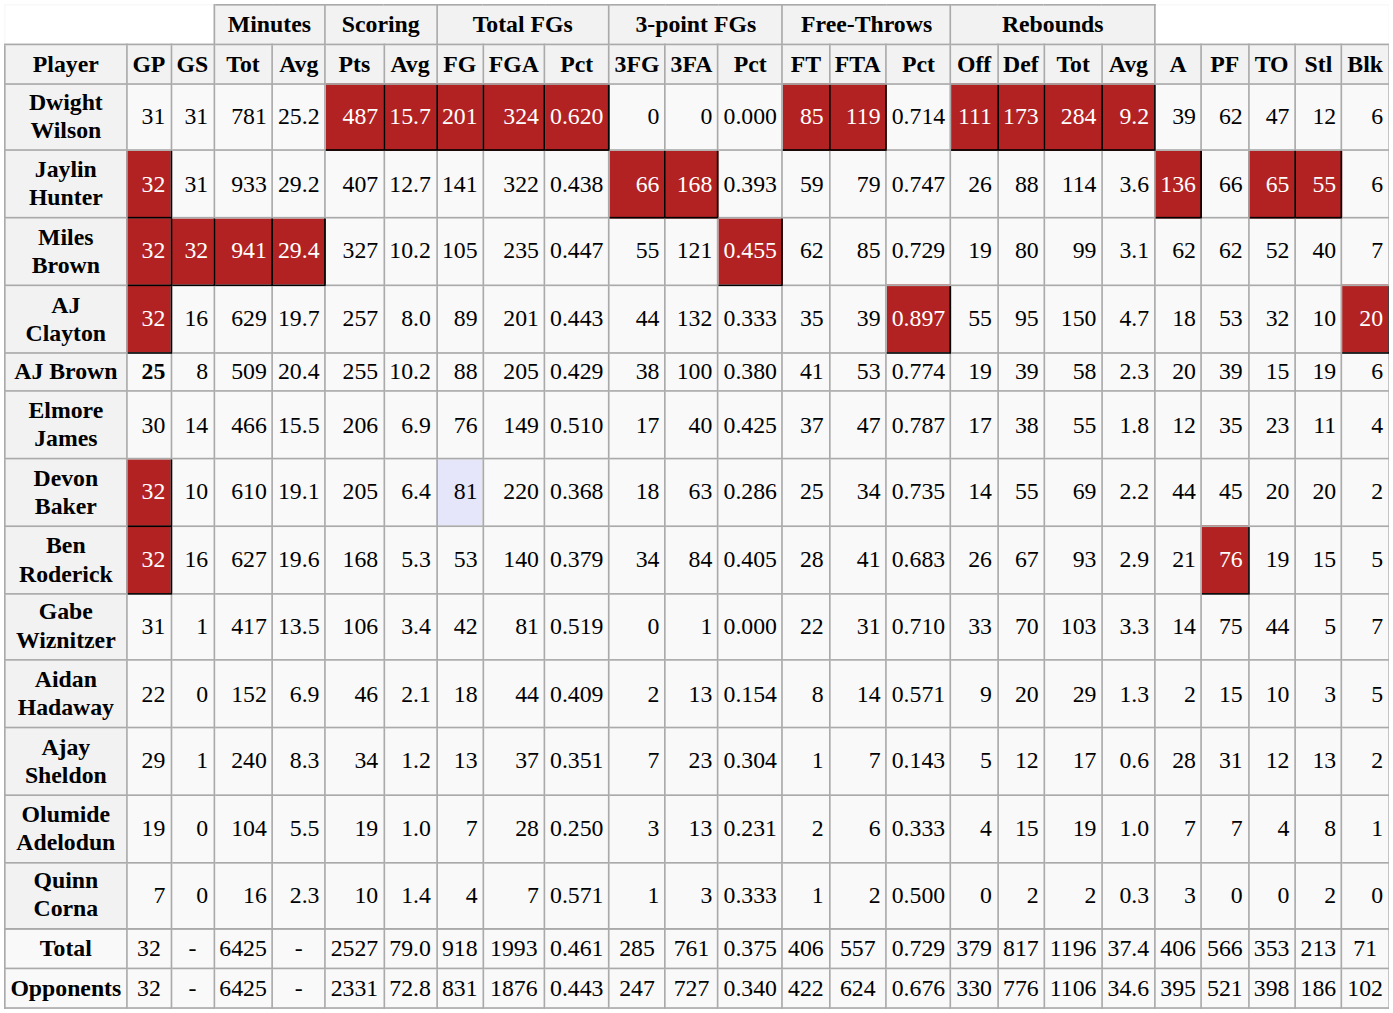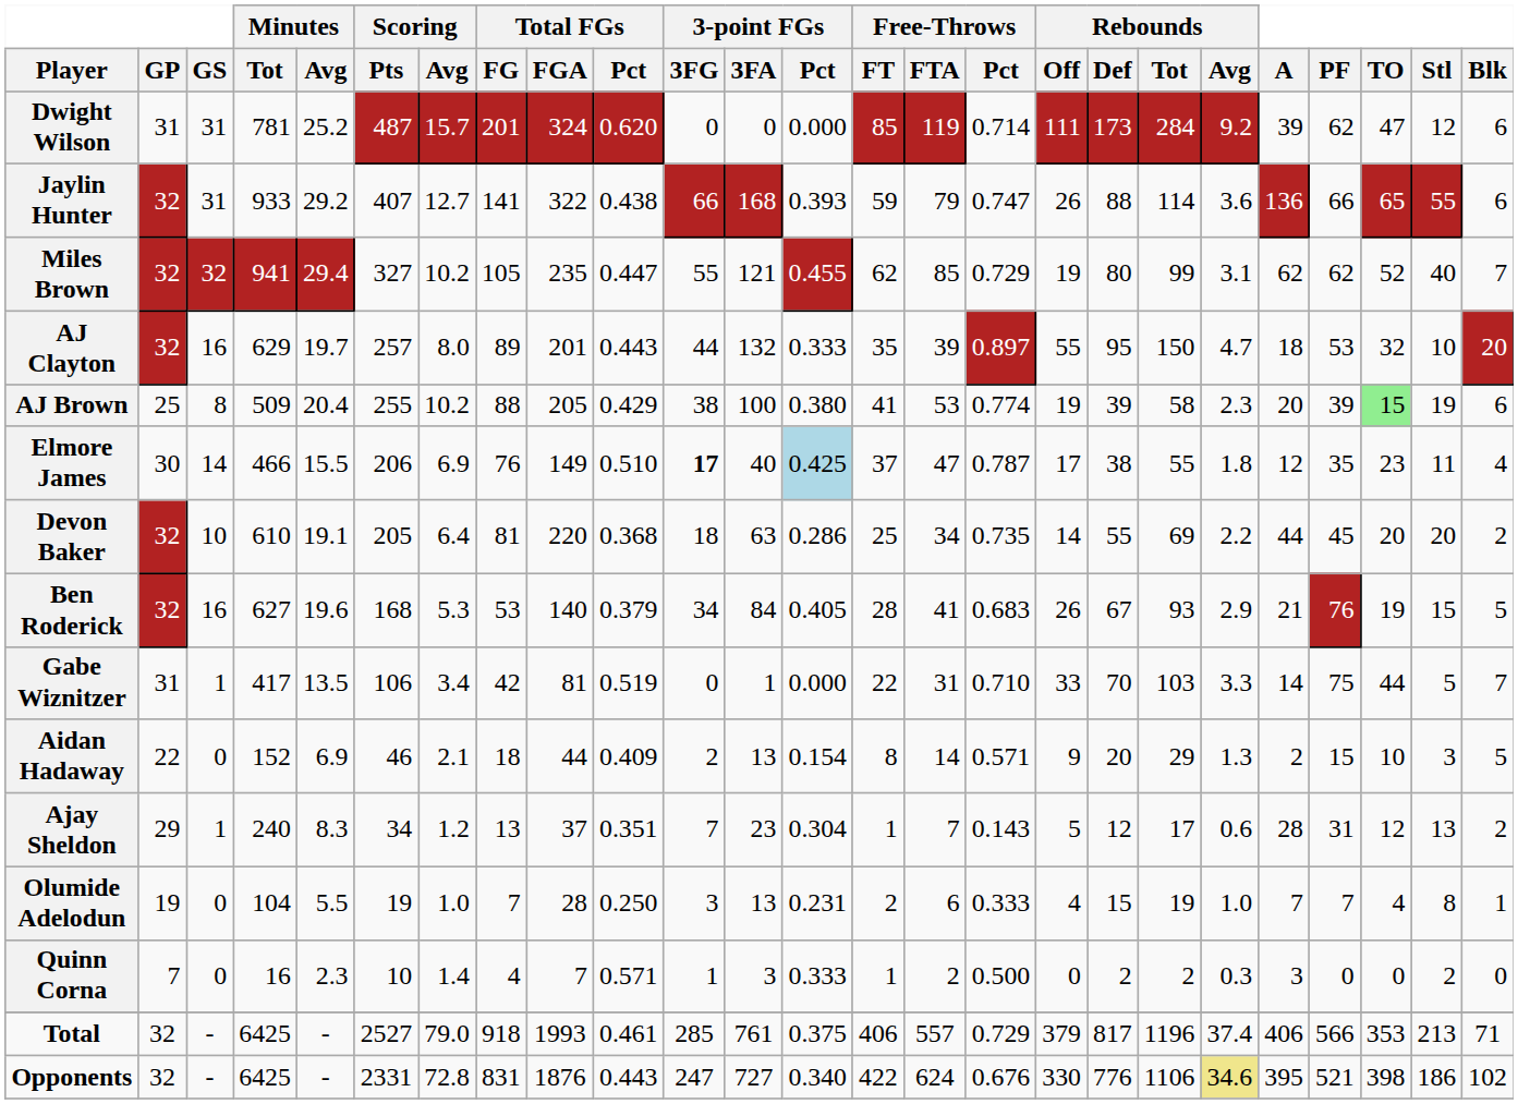 <table class="wikitable sortable" border="1" style="font-size:90%;">
 <tr>
 <th colspan="3" style="border-top-style:hidden; border-left-style:hidden; background: white;"></th>
 <th colspan="2" style=>Minutes</th>
 <th colspan="2" style=>Scoring</th>
 <th colspan="3" style=>Total FGs</th>
 <th colspan="3" style=>3-point FGs</th>
 <th colspan="3" style=>Free-Throws</th>
 <th colspan="4" style=>Rebounds</th>
 <th colspan="5" style="border-top-style:hidden; border-right-style:hidden; background: white;"></th>
 </tr>
 <tr>
 <th scope="col" style=>Player</th>
 <th scope="col" style=>GP</th>
 <th scope="col" style=>GS</th>
 <th scope="col" style=>Tot</th>
 <th scope="col" style=>Avg</th>
 <th scope="col" style=>Pts</th>
 <th scope="col" style=>Avg</th>
 <th scope="col" style=>FG</th>
 <th scope="col" style=>FGA</th>
 <th scope="col" style=>Pct</th>
 <th scope="col" style=>3FG</th>
 <th scope="col" style=>3FA</th>
 <th scope="col" style=>Pct</th>
 <th scope="col" style=>FT</th>
 <th scope="col" style=>FTA</th>
 <th scope="col" style=>Pct</th>
 <th scope="col" style=>Off</th>
 <th scope="col" style=>Def</th>
 <th scope="col" style=>Tot</th>
 <th scope="col" style=>Avg</th>
 <th scope="col" style=>A</th>
 <th scope="col" style=>PF</th>
 <th scope="col" style=>TO</th>
 <th scope="col" style=>Stl</th>
 <th scope="col" style=>Blk</th>
 </tr>
 <tr>
 <th>Dwight Wilson</th>
 <td align="right">31</td>
 <td align="right">31</td>
 <td align="right">781</td>
 <td align="right">25.2</td>
 <td align="right" style="background:#B22222; color:#ffffff; border: 1px solid black">487</td>
 <td align="right" style="background:#B22222; color:#ffffff; border: 1px solid black">15.7</td>
 <td align="right" style="background:#B22222; color:#ffffff; border: 1px solid black">201</td>
 <td align="right" style="background:#B22222; color:#ffffff; border: 1px solid black">324</td>
 <td align="right" style="background:#B22222; color:#ffffff; border: 1px solid black">0.620</td>
 <td align="right">0</td>
 <td align="right">0</td>
 <td align="right">0.000</td>
 <td align="right" style="background:#B22222; color:#ffffff; border: 1px solid black">85</td>
 <td align="right" style="background:#B22222; color:#ffffff; border: 1px solid black">119</td>
 <td align="right">0.714</td>
 <td align="right" style="background:#B22222; color:#ffffff; border: 1px solid black">111</td>
 <td align="right" style="background:#B22222; color:#ffffff; border: 1px solid black">173</td>
 <td align="right" style="background:#B22222; color:#ffffff; border: 1px solid black">284</td>
 <td align="right" style="background:#B22222; color:#ffffff; border: 1px solid black">9.2</td>
 <td align="right">39</td>
 <td align="right">62</td>
 <td align="right">47</td>
 <td align="right">12</td>
 <td align="right">6</td>
 </tr>
 <tr>
 <th>Jaylin Hunter</th>
 <td align="right" style="background:#B22222; color:#ffffff; border: 1px solid black">32</td>
 <td align="right">31</td>
 <td align="right">933</td>
 <td align="right">29.2</td>
 <td align="right">407</td>
 <td align="right">12.7</td>
 <td align="right">141</td>
 <td align="right">322</td>
 <td align="right">0.438</td>
 <td align="right" style="background:#B22222; color:#ffffff; border: 1px solid black">66</td>
 <td align="right" style="background:#B22222; color:#ffffff; border: 1px solid black">168</td>
 <td align="right">0.393</td>
 <td align="right">59</td>
 <td align="right">79</td>
 <td align="right">0.747</td>
 <td align="right">26</td>
 <td align="right">88</td>
 <td align="right">114</td>
 <td align="right">3.6</td>
 <td align="right" style="background:#B22222; color:#ffffff; border: 1px solid black">136</td>
 <td align="right">66</td>
 <td align="right" style="background:#B22222; color:#ffffff; border: 1px solid black">65</td>
 <td align="right" style="background:#B22222; color:#ffffff; border: 1px solid black">55</td>
 <td align="right">6</td>
 </tr>
 <tr>
 <th>Miles Brown</th>
 <td align="right" style="background:#B22222; color:#ffffff; border: 1px solid black">32</td>
 <td align="right" style="background:#B22222; color:#ffffff; border: 1px solid black">32</td>
 <td align="right" style="background:#B22222; color:#ffffff; border: 1px solid black">941</td>
 <td align="right" style="background:#B22222; color:#ffffff; border: 1px solid black">29.4</td>
 <td align="right">327</td>
 <td align="right">10.2</td>
 <td align="right">105</td>
 <td align="right">235</td>
 <td align="right">0.447</td>
 <td align="right">55</td>
 <td align="right">121</td>
 <td align="right" style="background:#B22222; color:#ffffff; border: 1px solid black">0.455</td>
 <td align="right">62</td>
 <td align="right">85</td>
 <td align="right">0.729</td>
 <td align="right">19</td>
 <td align="right">80</td>
 <td align="right">99</td>
 <td align="right">3.1</td>
 <td align="right">62</td>
 <td align="right">62</td>
 <td align="right">52</td>
 <td align="right">40</td>
 <td align="right">7</td>
 </tr>
 <tr>
 <th>AJ Clayton</th>
 <td align="right" style="background:#B22222; color:#ffffff; border: 1px solid black">32</td>
 <td align="right">16</td>
 <td align="right">629</td>
 <td align="right">19.7</td>
 <td align="right">257</td>
 <td align="right">8.0</td>
 <td align="right">89</td>
 <td align="right">201</td>
 <td align="right">0.443</td>
 <td align="right">44</td>
 <td align="right">132</td>
 <td align="right">0.333</td>
 <td align="right">35</td>
 <td align="right">39</td>
 <td align="right" style="background:#B22222; color:#ffffff; border: 1px solid black">0.897</td>
 <td align="right">55</td>
 <td align="right">95</td>
 <td align="right">150</td>
 <td align="right">4.7</td>
 <td align="right">18</td>
 <td align="right">53</td>
 <td align="right">32</td>
 <td align="right">10</td>
 <td align="right" style="background:#B22222; color:#ffffff; border: 1px solid black">20</td>
 </tr>
 <tr>
 <th>AJ Brown</th>
-<td align="right"><strong>25</strong></td>
+<td align="right">25</td>
 <td align="right">8</td>
 <td align="right">509</td>
 <td align="right">20.4</td>
 <td align="right">255</td>
 <td align="right">10.2</td>
 <td align="right">88</td>
 <td align="right">205</td>
 <td align="right">0.429</td>
 <td align="right">38</td>
 <td align="right">100</td>
 <td align="right">0.380</td>
 <td align="right">41</td>
 <td align="right">53</td>
 <td align="right">0.774</td>
 <td align="right">19</td>
 <td align="right">39</td>
 <td align="right">58</td>
 <td align="right">2.3</td>
 <td align="right">20</td>
 <td align="right">39</td>
-<td align="right">15</td>
+<td align="right" style="background: lightgreen;">15</td>
 <td align="right">19</td>
 <td align="right">6</td>
 </tr>
 <tr>
 <th>Elmore James</th>
 <td align="right">30</td>
 <td align="right">14</td>
 <td align="right">466</td>
 <td align="right">15.5</td>
 <td align="right">206</td>
 <td align="right">6.9</td>
 <td align="right">76</td>
 <td align="right">149</td>
 <td align="right">0.510</td>
-<td align="right">17</td>
+<td align="right"><strong>17</strong></td>
 <td align="right">40</td>
-<td align="right">0.425</td>
+<td align="right" style="background: lightblue;">0.425</td>
 <td align="right">37</td>
 <td align="right">47</td>
 <td align="right">0.787</td>
 <td align="right">17</td>
 <td align="right">38</td>
 <td align="right">55</td>
 <td align="right">1.8</td>
 <td align="right">12</td>
 <td align="right">35</td>
 <td align="right">23</td>
 <td align="right">11</td>
 <td align="right">4</td>
 </tr>
 <tr>
 <th>Devon Baker</th>
 <td align="right" style="background:#B22222; color:#ffffff; border: 1px solid black">32</td>
 <td align="right">10</td>
 <td align="right">610</td>
 <td align="right">19.1</td>
 <td align="right">205</td>
 <td align="right">6.4</td>
-<td align="right" style="background: lavender;">81</td>
+<td align="right">81</td>
 <td align="right">220</td>
 <td align="right">0.368</td>
 <td align="right">18</td>
 <td align="right">63</td>
 <td align="right">0.286</td>
 <td align="right">25</td>
 <td align="right">34</td>
 <td align="right">0.735</td>
 <td align="right">14</td>
 <td align="right">55</td>
 <td align="right">69</td>
 <td align="right">2.2</td>
 <td align="right">44</td>
 <td align="right">45</td>
 <td align="right">20</td>
 <td align="right">20</td>
 <td align="right">2</td>
 </tr>
 <tr>
 <th>Ben Roderick</th>
 <td align="right" style="background:#B22222; color:#ffffff; border: 1px solid black">32</td>
 <td align="right">16</td>
 <td align="right">627</td>
 <td align="right">19.6</td>
 <td align="right">168</td>
 <td align="right">5.3</td>
 <td align="right">53</td>
 <td align="right">140</td>
 <td align="right">0.379</td>
 <td align="right">34</td>
 <td align="right">84</td>
 <td align="right">0.405</td>
 <td align="right">28</td>
 <td align="right">41</td>
 <td align="right">0.683</td>
 <td align="right">26</td>
 <td align="right">67</td>
 <td align="right">93</td>
 <td align="right">2.9</td>
 <td align="right">21</td>
 <td align="right" style="background:#B22222; color:#ffffff; border: 1px solid black">76</td>
 <td align="right">19</td>
 <td align="right">15</td>
 <td align="right">5</td>
 </tr>
 <tr>
 <th>Gabe Wiznitzer</th>
 <td align="right">31</td>
 <td align="right">1</td>
 <td align="right">417</td>
 <td align="right">13.5</td>
 <td align="right">106</td>
 <td align="right">3.4</td>
 <td align="right">42</td>
 <td align="right">81</td>
 <td align="right">0.519</td>
 <td align="right">0</td>
 <td align="right">1</td>
 <td align="right">0.000</td>
 <td align="right">22</td>
 <td align="right">31</td>
 <td align="right">0.710</td>
 <td align="right">33</td>
 <td align="right">70</td>
 <td align="right">103</td>
 <td align="right">3.3</td>
 <td align="right">14</td>
 <td align="right">75</td>
 <td align="right">44</td>
 <td align="right">5</td>
 <td align="right">7</td>
 </tr>
 <tr>
 <th>Aidan Hadaway</th>
 <td align="right">22</td>
 <td align="right">0</td>
 <td align="right">152</td>
 <td align="right">6.9</td>
 <td align="right">46</td>
 <td align="right">2.1</td>
 <td align="right">18</td>
 <td align="right">44</td>
 <td align="right">0.409</td>
 <td align="right">2</td>
 <td align="right">13</td>
 <td align="right">0.154</td>
 <td align="right">8</td>
 <td align="right">14</td>
 <td align="right">0.571</td>
 <td align="right">9</td>
 <td align="right">20</td>
 <td align="right">29</td>
 <td align="right">1.3</td>
 <td align="right">2</td>
 <td align="right">15</td>
 <td align="right">10</td>
 <td align="right">3</td>
 <td align="right">5</td>
 </tr>
 <tr>
 <th>Ajay Sheldon</th>
 <td align="right">29</td>
 <td align="right">1</td>
 <td align="right">240</td>
 <td align="right">8.3</td>
 <td align="right">34</td>
 <td align="right">1.2</td>
 <td align="right">13</td>
 <td align="right">37</td>
 <td align="right">0.351</td>
 <td align="right">7</td>
 <td align="right">23</td>
 <td align="right">0.304</td>
 <td align="right">1</td>
 <td align="right">7</td>
 <td align="right">0.143</td>
 <td align="right">5</td>
 <td align="right">12</td>
 <td align="right">17</td>
 <td align="right">0.6</td>
 <td align="right">28</td>
 <td align="right">31</td>
 <td align="right">12</td>
 <td align="right">13</td>
 <td align="right">2</td>
 </tr>
 <tr>
 <th>Olumide Adelodun</th>
 <td align="right">19</td>
 <td align="right">0</td>
 <td align="right">104</td>
 <td align="right">5.5</td>
 <td align="right">19</td>
 <td align="right">1.0</td>
 <td align="right">7</td>
 <td align="right">28</td>
 <td align="right">0.250</td>
 <td align="right">3</td>
 <td align="right">13</td>
 <td align="right">0.231</td>
 <td align="right">2</td>
 <td align="right">6</td>
 <td align="right">0.333</td>
 <td align="right">4</td>
 <td align="right">15</td>
 <td align="right">19</td>
 <td align="right">1.0</td>
 <td align="right">7</td>
 <td align="right">7</td>
 <td align="right">4</td>
 <td align="right">8</td>
 <td align="right">1</td>
 </tr>
 <tr>
 <th>Quinn Corna</th>
 <td align="right">7</td>
 <td align="right">0</td>
 <td align="right">16</td>
 <td align="right">2.3</td>
 <td align="right">10</td>
 <td align="right">1.4</td>
 <td align="right">4</td>
 <td align="right">7</td>
 <td align="right">0.571</td>
 <td align="right">1</td>
 <td align="right">3</td>
 <td align="right">0.333</td>
 <td align="right">1</td>
 <td align="right">2</td>
 <td align="right">0.500</td>
 <td align="right">0</td>
 <td align="right">2</td>
 <td align="right">2</td>
 <td align="right">0.3</td>
 <td align="right">3</td>
 <td align="right">0</td>
 <td align="right">0</td>
 <td align="right">2</td>
 <td align="right">0</td>
 </tr>
 <tr>
 </tr>
 <tr class="sortbottom">
 <td align="center" style=><strong>Total</strong></td>
 <td align="center" style=>32</td>
 <td align="center" style=>-</td>
 <td align="center" style=>6425</td>
 <td align="center" style=>-</td>
 <td align="center" style=>2527</td>
 <td align="center" style=>79.0</td>
 <td align="center" style=>918</td>
 <td align="center" style=>1993</td>
 <td align="center" style=>0.461</td>
 <td align="center" style=>285</td>
 <td align="center" style=>761</td>
 <td align="center" style=>0.375</td>
 <td align="center" style=>406</td>
 <td align="center" style=>557</td>
 <td align="center" style=>0.729</td>
 <td align="center" style=>379</td>
 <td align="center" style=>817</td>
 <td align="center" style=>1196</td>
 <td align="center" style=>37.4</td>
 <td align="center" style=>406</td>
 <td align="center" style=>566</td>
 <td align="center" style=>353</td>
 <td align="center" style=>213</td>
 <td align="center" style=>71</td>
 </tr>
 <tr class="sortbottom">
 <td align="center"><strong>Opponents</strong></td>
 <td align="center">32</td>
 <td align="center">-</td>
 <td align="center">6425</td>
 <td align="center">-</td>
 <td align="center">2331</td>
 <td align="center">72.8</td>
 <td align="center">831</td>
 <td align="center">1876</td>
 <td align="center">0.443</td>
 <td align="center">247</td>
 <td align="center">727</td>
 <td align="center">0.340</td>
 <td align="center">422</td>
 <td align="center">624</td>
 <td align="center">0.676</td>
 <td align="center">330</td>
 <td align="center">776</td>
 <td align="center">1106</td>
-<td align="center">34.6</td>
+<td align="center" style="background: khaki;">34.6</td>
 <td align="center">395</td>
 <td align="center">521</td>
 <td align="center">398</td>
 <td align="center">186</td>
 <td align="center">102</td>
 </tr>
 </table>
